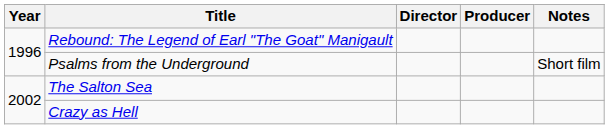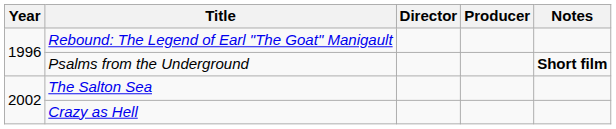 <table class="wikitable">
 <tr>
 <th>Year</th>
 <th>Title</th>
 <th>Director</th>
 <th>Producer</th>
 <th>Notes</th>
 </tr>
 <tr>
 <td rowspan=2>1996</td>
 <td><em><a href='#'>Rebound: The Legend of Earl "The Goat" Manigault</a></em></td>
 <td></td>
 <td></td>
 <td></td>
 </tr>
 <tr>
 <td><em>Psalms from the Underground</em></td>
 <td></td>
 <td></td>
-<td>Short film</td>
+<td><strong>Short film</strong></td>
 </tr>
 <tr>
 <td rowspan=2>2002</td>
 <td><em><a href='#'>The Salton Sea</a></em></td>
 <td></td>
 <td></td>
 <td></td>
 </tr>
 <tr>
 <td><em><a href='#'>Crazy as Hell</a></em></td>
 <td></td>
 <td></td>
 <td></td>
 </tr>
 </table>
